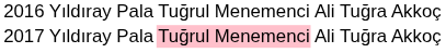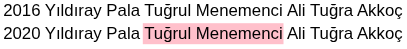 <table>
 <tr>
 <td>2016</td>
 <td>Yıldıray Pala</td>
 <td>Tuğrul Menemenci</td>
 <td>Ali Tuğra Akkoç</td>
 </tr>
 <tr>
-<td>2017</td>
+<td>2020</td>
 <td>Yıldıray Pala</td>
 <td style="background: pink;">Tuğrul Menemenci</td>
 <td>Ali Tuğra Akkoç</td>
 </tr>
 </table>
